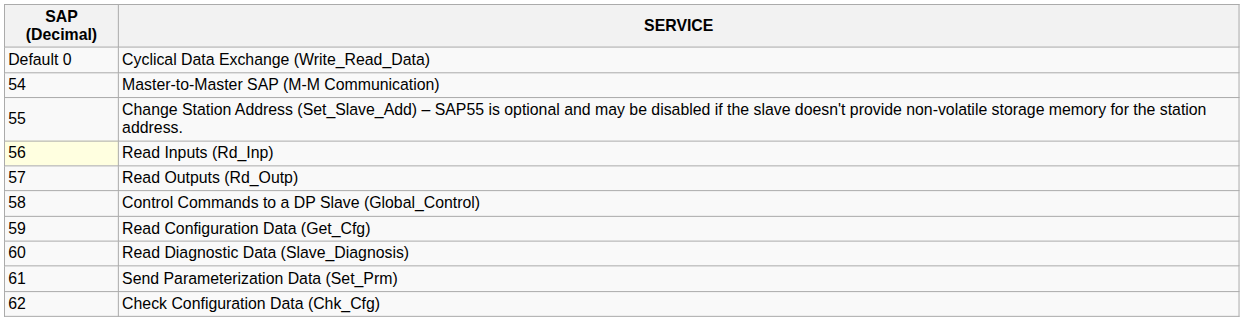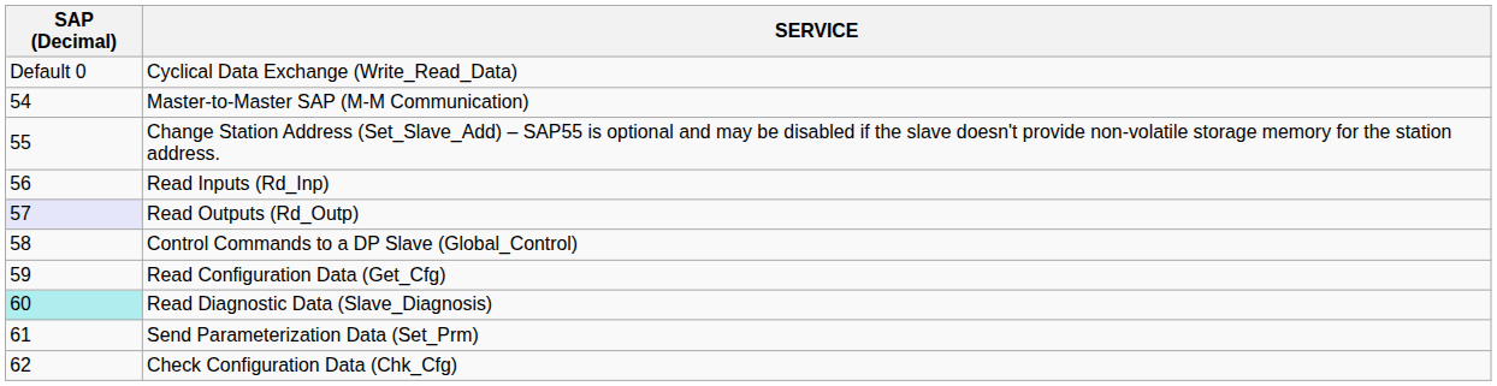 <table class="wikitable" border="1">
 <tr>
 <th>SAP (Decimal)</th>
 <th>SERVICE</th>
 </tr>
 <tr>
 <td>Default 0</td>
 <td>Cyclical Data Exchange (Write_Read_Data)</td>
 </tr>
 <tr>
 <td>54</td>
 <td>Master-to-Master SAP (M-M Communication)</td>
 </tr>
 <tr>
 <td>55</td>
 <td>Change Station Address (Set_Slave_Add) – SAP55 is optional and may be disabled if the slave doesn't provide non-volatile storage memory for the station address.</td>
 </tr>
 <tr>
-<td style="background: lightyellow;">56</td>
+<td>56</td>
 <td>Read Inputs (Rd_Inp)</td>
 </tr>
 <tr>
-<td>57</td>
+<td style="background: lavender;">57</td>
 <td>Read Outputs (Rd_Outp)</td>
 </tr>
 <tr>
 <td>58</td>
 <td>Control Commands to a DP Slave (Global_Control)</td>
 </tr>
 <tr>
 <td>59</td>
 <td>Read Configuration Data (Get_Cfg)</td>
 </tr>
 <tr>
-<td>60</td>
+<td style="background: paleturquoise;">60</td>
 <td>Read Diagnostic Data (Slave_Diagnosis)</td>
 </tr>
 <tr>
 <td>61</td>
 <td>Send Parameterization Data (Set_Prm)</td>
 </tr>
 <tr>
 <td>62</td>
 <td>Check Configuration Data (Chk_Cfg)</td>
 </tr>
 </table>
